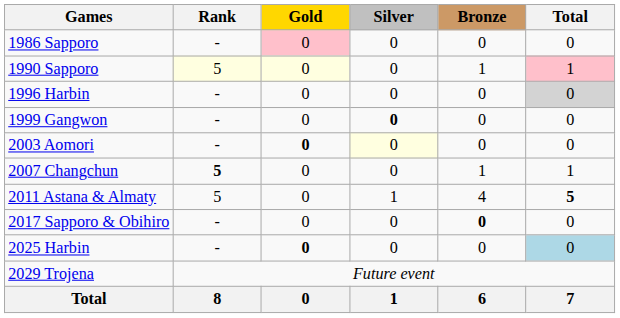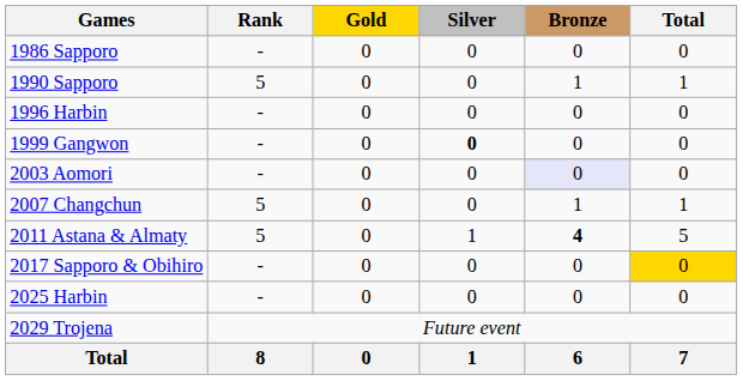 <table class="wikitable sortable" style="margin-top:0em; text-align:center; font-size:100%;">
 <tr>
 <th>Games</th>
 <th style="width:5em;">Rank</th>
 <td style="background:gold; width:5em;"><strong>Gold</strong></td>
 <td style="background:silver; width:5em;"><strong>Silver</strong></td>
 <td style="background:#cc9966; width:5em;"><strong>Bronze</strong></td>
 <th style="width:5em;">Total</th>
 </tr>
 <tr>
 <td align=left><a href='#'>1986 Sapporo</a></td>
 <td>-</td>
-<td style="background: pink;">0</td>
+<td>0</td>
 <td>0</td>
 <td>0</td>
 <td>0</td>
 </tr>
 <tr>
 <td align=left><a href='#'>1990 Sapporo</a></td>
-<td style="background: lightyellow;">5</td>
-<td style="background: lightyellow;">0</td>
+<td>5</td>
+<td>0</td>
 <td>0</td>
 <td>1</td>
-<td style="background: pink;">1</td>
+<td>1</td>
 </tr>
 <tr>
 <td align=left><a href='#'>1996 Harbin</a></td>
 <td>-</td>
 <td>0</td>
 <td>0</td>
 <td>0</td>
-<td style="background: lightgrey;">0</td>
+<td>0</td>
 </tr>
 <tr>
 <td align=left><a href='#'>1999 Gangwon</a></td>
 <td>-</td>
 <td>0</td>
 <td><strong>0</strong></td>
 <td>0</td>
 <td>0</td>
 </tr>
 <tr>
 <td align=left><a href='#'>2003 Aomori</a></td>
 <td>-</td>
-<td><strong>0</strong></td>
-<td style="background: lightyellow;">0</td>
 <td>0</td>
+<td>0</td>
+<td style="background: lavender;">0</td>
 <td>0</td>
 </tr>
 <tr>
 <td align=left><a href='#'>2007 Changchun</a></td>
-<td><strong>5</strong></td>
+<td>5</td>
 <td>0</td>
 <td>0</td>
 <td>1</td>
 <td>1</td>
 </tr>
 <tr>
 <td align=left><a href='#'>2011 Astana & Almaty</a></td>
 <td>5</td>
 <td>0</td>
 <td>1</td>
-<td>4</td>
-<td><strong>5</strong></td>
+<td><strong>4</strong></td>
+<td>5</td>
 </tr>
 <tr>
 <td align=left><a href='#'>2017 Sapporo & Obihiro</a></td>
 <td>-</td>
 <td>0</td>
 <td>0</td>
-<td><strong>0</strong></td>
 <td>0</td>
+<td style="background: gold;">0</td>
 </tr>
 <tr>
 <td align=left><a href='#'>2025 Harbin</a></td>
 <td>-</td>
-<td><strong>0</strong></td>
 <td>0</td>
 <td>0</td>
-<td style="background: lightblue;">0</td>
+<td>0</td>
+<td>0</td>
 </tr>
 <tr>
 <td align=left><a href='#'>2029 Trojena</a></td>
 <td colspan=5><em>Future event</em></td>
 </tr>
 <tr>
 <th>Total</th>
 <th>8</th>
 <th>0</th>
 <th>1</th>
 <th>6</th>
 <th>7</th>
 </tr>
 </table>
